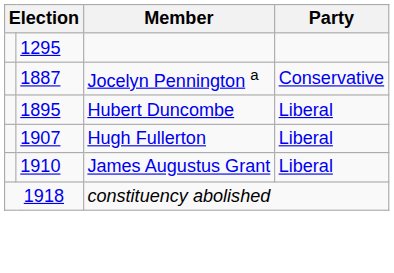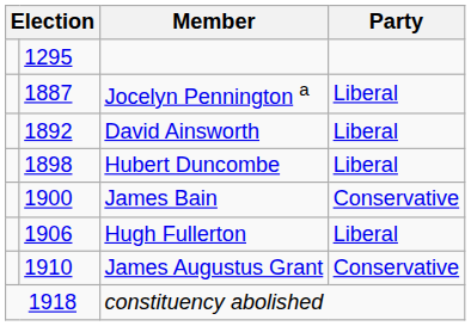 <table class="wikitable">
 <tr>
 <th colspan="2">Election</th>
 <th>Member</th>
 <th>Party</th>
 </tr>
 <tr>
 <td></td>
 <td><a href='#'>1295</a></td>
 <td></td>
 <td></td>
 </tr>
 <tr>
 <td style="color:inherit;background-color: "></td>
 <td><a href='#'>1887</a></td>
 <td><a href='#'>Jocelyn Pennington</a> <sup>a</sup></td>
-<td><a href='#'>Conservative</a></td>
+<td><a href='#'>Liberal</a></td>
 </tr>
 <tr>
 <td style="color:inherit;background-color: "></td>
-<td><a href='#'>1895</a></td>
+<td><a href='#'>1892</a></td>
+<td><a href='#'>David Ainsworth</a></td>
+<td><a href='#'>Liberal</a></td>
+</tr>
+<tr>
+<td style="color:inherit;background-color: "></td>
+<td><a href='#'>1898</a></td>
 <td><a href='#'>Hubert Duncombe</a></td>
 <td><a href='#'>Liberal</a></td>
 </tr>
 <tr>
 <td style="color:inherit;background-color: "></td>
-<td><a href='#'>1907</a></td>
+<td><a href='#'>1900</a></td>
+<td><a href='#'>James Bain</a></td>
+<td><a href='#'>Conservative</a></td>
+</tr>
+<tr>
+<td style="color:inherit;background-color: "></td>
+<td><a href='#'>1906</a></td>
 <td><a href='#'>Hugh Fullerton</a></td>
 <td><a href='#'>Liberal</a></td>
 </tr>
 <tr>
 <td style="color:inherit;background-color: "></td>
 <td><a href='#'>1910</a></td>
 <td><a href='#'>James Augustus Grant</a></td>
-<td><a href='#'>Liberal</a></td>
+<td><a href='#'>Conservative</a></td>
 </tr>
 <tr>
 <td colspan="2" align="center"><a href='#'>1918</a></td>
 <td colspan="2"><em>constituency abolished</em></td>
 </tr>
 </table>
